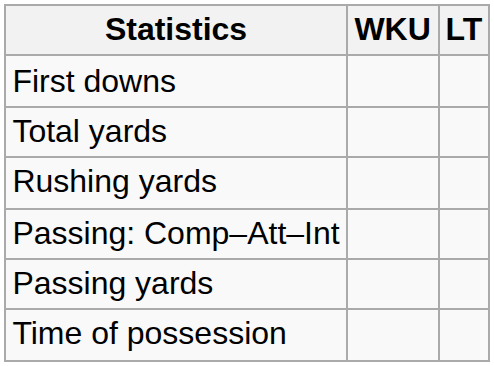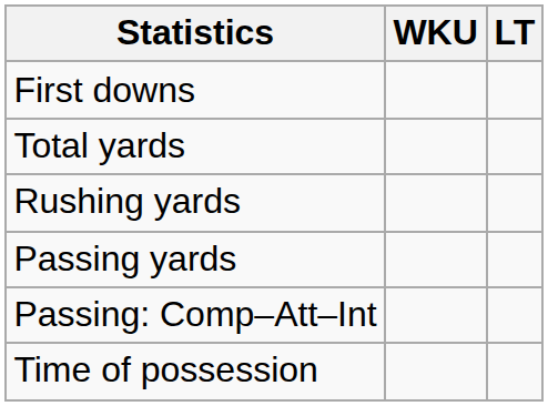 <table class="wikitable" style="float: left;">
 <tr>
 <th>Statistics</th>
 <th>WKU</th>
 <th>LT</th>
 </tr>
 <tr>
 <td>First downs</td>
 <td></td>
 <td></td>
 </tr>
 <tr>
 <td>Total yards</td>
 <td></td>
 <td></td>
 </tr>
 <tr>
 <td>Rushing yards</td>
 <td></td>
 <td></td>
 </tr>
 <tr>
-<td>Passing: Comp–Att–Int</td>
+<td>Passing yards</td>
 <td></td>
 <td></td>
 </tr>
 <tr>
-<td>Passing yards</td>
+<td>Passing: Comp–Att–Int</td>
 <td></td>
 <td></td>
 </tr>
 <tr>
 <td>Time of possession</td>
 <td></td>
 <td></td>
 </tr>
 <tr>
 </tr>
 </table>
